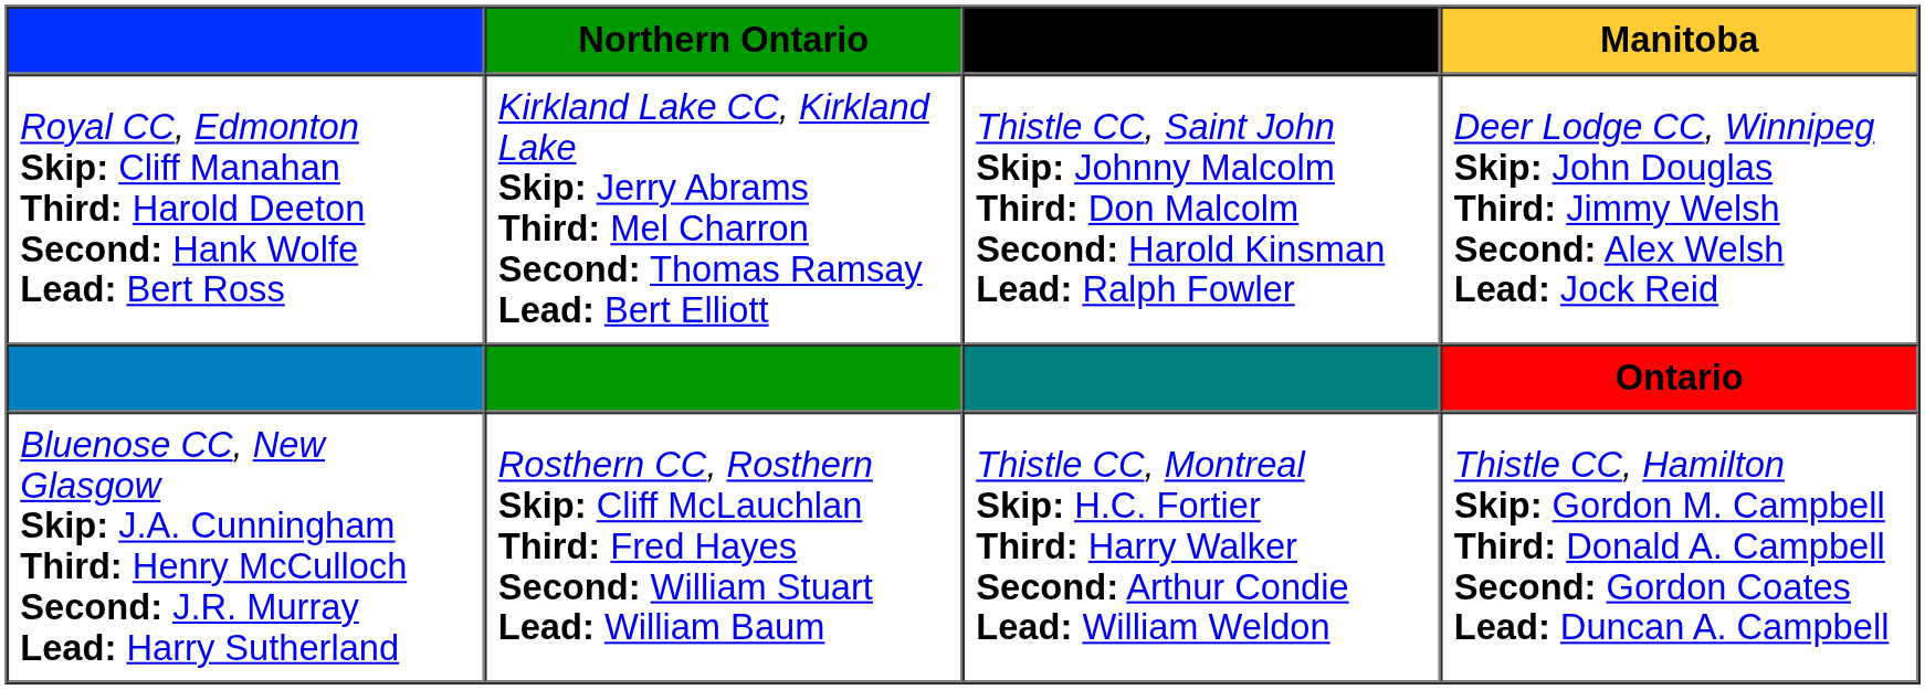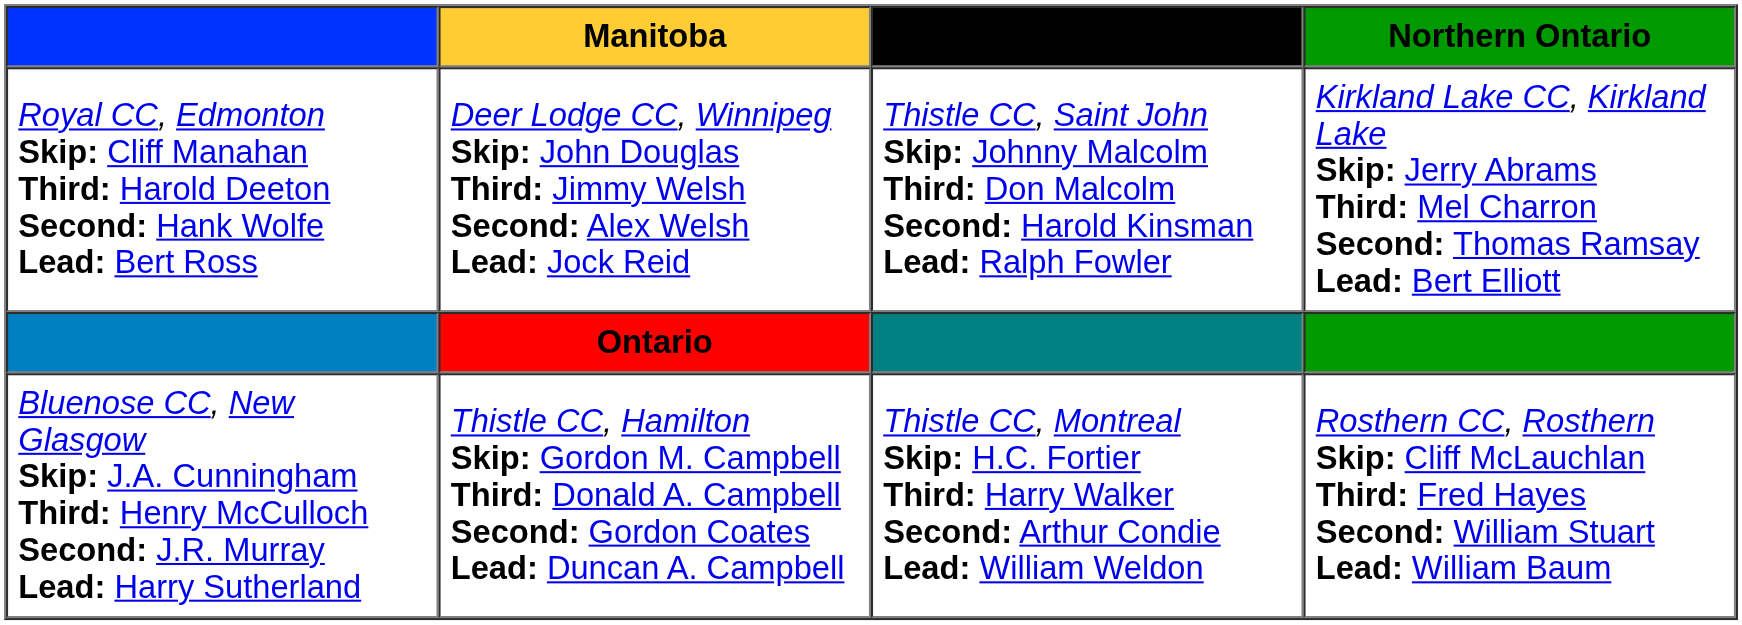 <table - border=1 cellpadding=5 cellspacing=0>
 <tr>
 <th bgcolor=#0033FF width=200></th>
+<th style="background:#FFCC33; width:200px;">Manitoba</th>
+<th bgcolor=#000000 width=200></th>
 <th style="background:#009900; width:200px;">Northern Ontario</th>
-<th bgcolor=#000000 width=200></th>
-<th style="background:#FFCC33; width:200px;">Manitoba</th>
 </tr>
 <tr>
 <td><em><a href='#'>Royal CC</a>, <a href='#'>Edmonton</a></em><br><strong>Skip:</strong> <a href='#'>Cliff Manahan</a><br> <strong>Third:</strong> <a href='#'>Harold Deeton</a><br> <strong>Second:</strong> <a href='#'>Hank Wolfe</a><br> <strong>Lead:</strong> <a href='#'>Bert Ross</a></td>
+<td><em><a href='#'>Deer Lodge CC</a>, <a href='#'>Winnipeg</a></em><br><strong>Skip:</strong> <a href='#'>John Douglas</a><br> <strong>Third:</strong> <a href='#'>Jimmy Welsh</a><br> <strong>Second:</strong> <a href='#'>Alex Welsh</a><br> <strong>Lead:</strong> <a href='#'>Jock Reid</a></td>
+<td><em><a href='#'>Thistle CC</a>, <a href='#'>Saint John</a></em><br><strong>Skip:</strong> <a href='#'>Johnny Malcolm</a><br> <strong>Third:</strong> <a href='#'>Don Malcolm</a><br> <strong>Second:</strong> <a href='#'>Harold Kinsman</a><br> <strong>Lead:</strong> <a href='#'>Ralph Fowler</a></td>
 <td><em><a href='#'>Kirkland Lake CC</a>, <a href='#'>Kirkland Lake</a></em><br><strong>Skip:</strong> <a href='#'>Jerry Abrams</a><br> <strong>Third:</strong> <a href='#'>Mel Charron</a><br> <strong>Second:</strong> <a href='#'>Thomas Ramsay</a><br> <strong>Lead:</strong> <a href='#'>Bert Elliott</a></td>
-<td><em><a href='#'>Thistle CC</a>, <a href='#'>Saint John</a></em><br><strong>Skip:</strong> <a href='#'>Johnny Malcolm</a><br> <strong>Third:</strong> <a href='#'>Don Malcolm</a><br> <strong>Second:</strong> <a href='#'>Harold Kinsman</a><br> <strong>Lead:</strong> <a href='#'>Ralph Fowler</a></td>
-<td><em><a href='#'>Deer Lodge CC</a>, <a href='#'>Winnipeg</a></em><br><strong>Skip:</strong> <a href='#'>John Douglas</a><br> <strong>Third:</strong> <a href='#'>Jimmy Welsh</a><br> <strong>Second:</strong> <a href='#'>Alex Welsh</a><br> <strong>Lead:</strong> <a href='#'>Jock Reid</a></td>
 </tr>
 <tr border=1 cellpadding=5 cellspacing=0>
 <th bgcolor=#0080C0 width=200></th>
+<th bgcolor=#FF0000 width=200>Ontario</th>
+<th style="background:#008080; width:200px;"></th>
 <th bgcolor=#009900 width=200></th>
-<th style="background:#008080; width:200px;"></th>
-<th bgcolor=#FF0000 width=200>Ontario</th>
 </tr>
 <tr>
 <td><em><a href='#'>Bluenose CC</a>, <a href='#'>New Glasgow</a></em><br><strong>Skip:</strong> <a href='#'>J.A. Cunningham</a><br> <strong>Third:</strong> <a href='#'>Henry McCulloch</a><br> <strong>Second:</strong> <a href='#'>J.R. Murray</a><br> <strong>Lead:</strong> <a href='#'>Harry Sutherland</a></td>
+<td><em><a href='#'>Thistle CC</a>, <a href='#'>Hamilton</a></em><br><strong>Skip:</strong> <a href='#'>Gordon M. Campbell</a><br> <strong>Third:</strong> <a href='#'>Donald A. Campbell</a><br> <strong>Second:</strong> <a href='#'>Gordon Coates</a><br> <strong>Lead:</strong> <a href='#'>Duncan A. Campbell</a></td>
+<td><em><a href='#'>Thistle CC</a>, <a href='#'>Montreal</a></em><br><strong>Skip:</strong> <a href='#'>H.C. Fortier</a><br> <strong>Third:</strong> <a href='#'>Harry Walker</a><br> <strong>Second:</strong> <a href='#'>Arthur Condie</a><br> <strong>Lead:</strong> <a href='#'>William Weldon</a></td>
 <td><em><a href='#'>Rosthern CC</a>, <a href='#'>Rosthern</a></em><br><strong>Skip:</strong> <a href='#'>Cliff McLauchlan</a><br> <strong>Third:</strong> <a href='#'>Fred Hayes</a><br> <strong>Second:</strong> <a href='#'>William Stuart</a><br> <strong>Lead:</strong> <a href='#'>William Baum</a></td>
-<td><em><a href='#'>Thistle CC</a>, <a href='#'>Montreal</a></em><br><strong>Skip:</strong> <a href='#'>H.C. Fortier</a><br> <strong>Third:</strong> <a href='#'>Harry Walker</a><br> <strong>Second:</strong> <a href='#'>Arthur Condie</a><br> <strong>Lead:</strong> <a href='#'>William Weldon</a></td>
-<td><em><a href='#'>Thistle CC</a>, <a href='#'>Hamilton</a></em><br><strong>Skip:</strong> <a href='#'>Gordon M. Campbell</a><br> <strong>Third:</strong> <a href='#'>Donald A. Campbell</a><br> <strong>Second:</strong> <a href='#'>Gordon Coates</a><br> <strong>Lead:</strong> <a href='#'>Duncan A. Campbell</a></td>
 </tr>
 </table>
